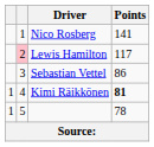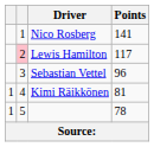 <table class="wikitable" style="font-size: 85%;">
 <tr>
 <th></th>
 <th></th>
 <th>Driver</th>
 <th>Points</th>
 </tr>
 <tr>
 <td align="left"></td>
 <td align="center">1</td>
 <td> <a href='#'>Nico Rosberg</a></td>
 <td align="left">141</td>
 </tr>
 <tr>
 <td align="left"></td>
 <td align="center" style="background: pink;">2</td>
 <td> <a href='#'>Lewis Hamilton</a></td>
 <td align="left">117</td>
 </tr>
 <tr>
 <td align="left"></td>
 <td align="center">3</td>
 <td> <a href='#'>Sebastian Vettel</a></td>
-<td align="left">86</td>
+<td align="left">96</td>
 </tr>
 <tr>
 <td align="left"> 1</td>
 <td align="center">4</td>
 <td> <a href='#'>Kimi Räikkönen</a></td>
-<td align="left"><strong>81</strong></td>
+<td align="left">81</td>
 </tr>
 <tr>
 <td align="left"> 1</td>
 <td align="center">5</td>
 <td></td>
 <td align="left">78</td>
 </tr>
 <tr>
 <th colspan=4>Source:</th>
 </tr>
 </table>
